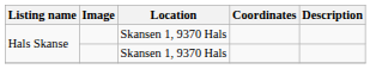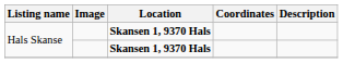 <table class="wikitable sortable">
 <tr>
 <th>Listing name</th>
 <th>Image</th>
 <th>Location</th>
 <th>Coordinates</th>
 <th>Description</th>
 </tr>
 <tr>
 <td rowspan="2">Hals Skanse</td>
 <td></td>
-<td>Skansen 1, 9370 Hals</td>
+<td><strong>Skansen 1, 9370 Hals</strong></td>
 <td></td>
 <td></td>
 </tr>
 <tr>
 <td></td>
-<td>Skansen 1, 9370 Hals</td>
+<td><strong>Skansen 1, 9370 Hals</strong></td>
 <td></td>
 <td></td>
 </tr>
 <tr>
 </tr>
 </table>
